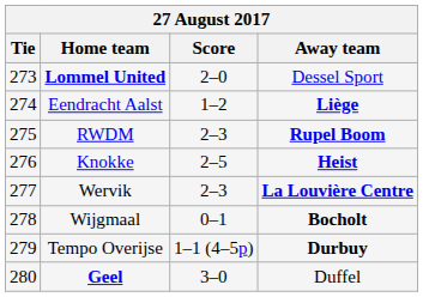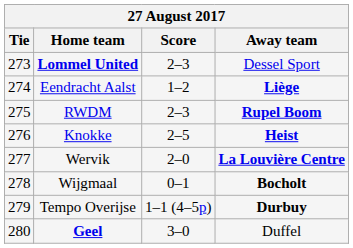 <table class="wikitable" style="background:WhiteSmoke; text-align:center">
 <tr>
 <th colspan="4">27 August 2017</th>
 </tr>
 <tr>
 <th>Tie</th>
 <th>Home team</th>
 <th>Score</th>
 <th>Away team</th>
 </tr>
 <tr>
 <td>273</td>
 <td><strong><a href='#'>Lommel United</a></strong></td>
-<td>2–0</td>
+<td>2–3</td>
 <td><a href='#'>Dessel Sport</a></td>
 </tr>
 <tr>
 <td>274</td>
 <td><a href='#'>Eendracht Aalst</a></td>
 <td>1–2</td>
 <td><strong><a href='#'>Liège</a></strong></td>
 </tr>
 <tr>
 <td>275</td>
 <td><a href='#'>RWDM</a></td>
 <td>2–3</td>
 <td><strong><a href='#'>Rupel Boom</a></strong></td>
 </tr>
 <tr>
 <td>276</td>
 <td><a href='#'>Knokke</a></td>
 <td>2–5</td>
 <td><strong><a href='#'>Heist</a></strong></td>
 </tr>
 <tr>
 <td>277</td>
 <td>Wervik</td>
-<td>2–3</td>
+<td>2–0</td>
 <td><strong><a href='#'>La Louvière Centre</a></strong></td>
 </tr>
 <tr>
 <td>278</td>
 <td>Wijgmaal</td>
 <td>0–1</td>
 <td><strong>Bocholt</strong></td>
 </tr>
 <tr>
 <td>279</td>
 <td>Tempo Overijse</td>
 <td>1–1 (4–5<a href='#'>p</a>)</td>
 <td><strong>Durbuy</strong></td>
 </tr>
 <tr>
 <td>280</td>
 <td><strong><a href='#'>Geel</a> </strong></td>
 <td>3–0</td>
 <td>Duffel</td>
 </tr>
 </table>
